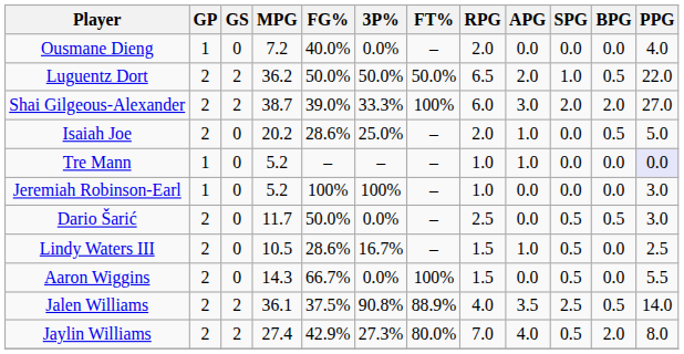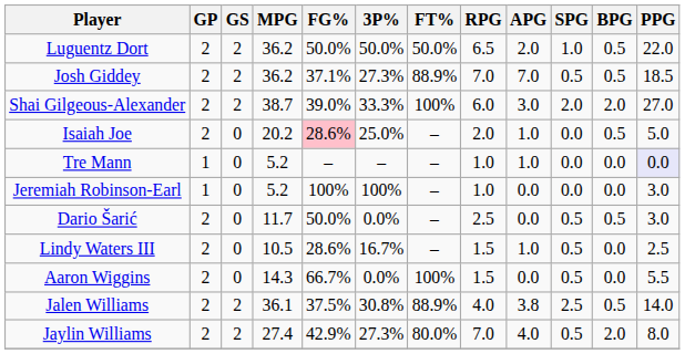 <table class="wikitable sortable" style="font-size: 90%; text-align:center;">
 <tr>
 <th>Player</th>
 <th>GP</th>
 <th>GS</th>
 <th>MPG</th>
 <th>FG%</th>
 <th>3P%</th>
 <th>FT%</th>
 <th>RPG</th>
 <th>APG</th>
 <th>SPG</th>
 <th>BPG</th>
 <th>PPG</th>
 </tr>
 <tr>
-<td><a href='#'>Ousmane Dieng</a></td>
-<td>1</td>
-<td>0</td>
-<td>7.2</td>
-<td>40.0%</td>
-<td>0.0%</td>
-<td>–</td>
-<td>2.0</td>
-<td>0.0</td>
-<td>0.0</td>
-<td>0.0</td>
-<td>4.0</td>
-</tr>
-<tr>
 <td><a href='#'>Luguentz Dort</a></td>
 <td>2</td>
 <td>2</td>
 <td>36.2</td>
 <td>50.0%</td>
 <td>50.0%</td>
 <td>50.0%</td>
 <td>6.5</td>
 <td>2.0</td>
 <td>1.0</td>
 <td>0.5</td>
 <td>22.0</td>
+</tr>
+<tr>
+<td><a href='#'>Josh Giddey</a></td>
+<td>2</td>
+<td>2</td>
+<td>36.2</td>
+<td>37.1%</td>
+<td>27.3%</td>
+<td>88.9%</td>
+<td>7.0</td>
+<td>7.0</td>
+<td>0.5</td>
+<td>0.5</td>
+<td>18.5</td>
 </tr>
 <tr>
 <td><a href='#'>Shai Gilgeous-Alexander</a></td>
 <td>2</td>
 <td>2</td>
 <td>38.7</td>
 <td>39.0%</td>
 <td>33.3%</td>
 <td>100%</td>
 <td>6.0</td>
 <td>3.0</td>
 <td>2.0</td>
 <td>2.0</td>
 <td>27.0</td>
 </tr>
 <tr>
 <td><a href='#'>Isaiah Joe</a></td>
 <td>2</td>
 <td>0</td>
 <td>20.2</td>
-<td>28.6%</td>
+<td style="background: pink;">28.6%</td>
 <td>25.0%</td>
 <td>–</td>
 <td>2.0</td>
 <td>1.0</td>
 <td>0.0</td>
 <td>0.5</td>
 <td>5.0</td>
 </tr>
 <tr>
 <td><a href='#'>Tre Mann</a></td>
 <td>1</td>
 <td>0</td>
 <td>5.2</td>
 <td>–</td>
 <td>–</td>
 <td>–</td>
 <td>1.0</td>
 <td>1.0</td>
 <td>0.0</td>
 <td>0.0</td>
 <td style="background: lavender;">0.0</td>
 </tr>
 <tr>
 <td><a href='#'>Jeremiah Robinson-Earl</a></td>
 <td>1</td>
 <td>0</td>
 <td>5.2</td>
 <td>100%</td>
 <td>100%</td>
 <td>–</td>
 <td>1.0</td>
 <td>0.0</td>
 <td>0.0</td>
 <td>0.0</td>
 <td>3.0</td>
 </tr>
 <tr>
 <td><a href='#'>Dario Šarić</a></td>
 <td>2</td>
 <td>0</td>
 <td>11.7</td>
 <td>50.0%</td>
 <td>0.0%</td>
 <td>–</td>
 <td>2.5</td>
 <td>0.0</td>
 <td>0.5</td>
 <td>0.5</td>
 <td>3.0</td>
 </tr>
 <tr>
 <td><a href='#'>Lindy Waters III</a></td>
 <td>2</td>
 <td>0</td>
 <td>10.5</td>
 <td>28.6%</td>
 <td>16.7%</td>
 <td>–</td>
 <td>1.5</td>
 <td>1.0</td>
 <td>0.5</td>
 <td>0.0</td>
 <td>2.5</td>
 </tr>
 <tr>
 <td><a href='#'>Aaron Wiggins</a></td>
 <td>2</td>
 <td>0</td>
 <td>14.3</td>
 <td>66.7%</td>
 <td>0.0%</td>
 <td>100%</td>
 <td>1.5</td>
 <td>0.0</td>
 <td>0.5</td>
 <td>0.0</td>
 <td>5.5</td>
 </tr>
 <tr>
 <td><a href='#'>Jalen Williams</a></td>
 <td>2</td>
 <td>2</td>
 <td>36.1</td>
 <td>37.5%</td>
-<td>90.8%</td>
+<td>30.8%</td>
 <td>88.9%</td>
 <td>4.0</td>
-<td>3.5</td>
+<td>3.8</td>
 <td>2.5</td>
 <td>0.5</td>
 <td>14.0</td>
 </tr>
 <tr>
 <td><a href='#'>Jaylin Williams</a></td>
 <td>2</td>
 <td>2</td>
 <td>27.4</td>
 <td>42.9%</td>
 <td>27.3%</td>
 <td>80.0%</td>
 <td>7.0</td>
 <td>4.0</td>
 <td>0.5</td>
 <td>2.0</td>
 <td>8.0</td>
 </tr>
 <tr>
 </tr>
 </table>
